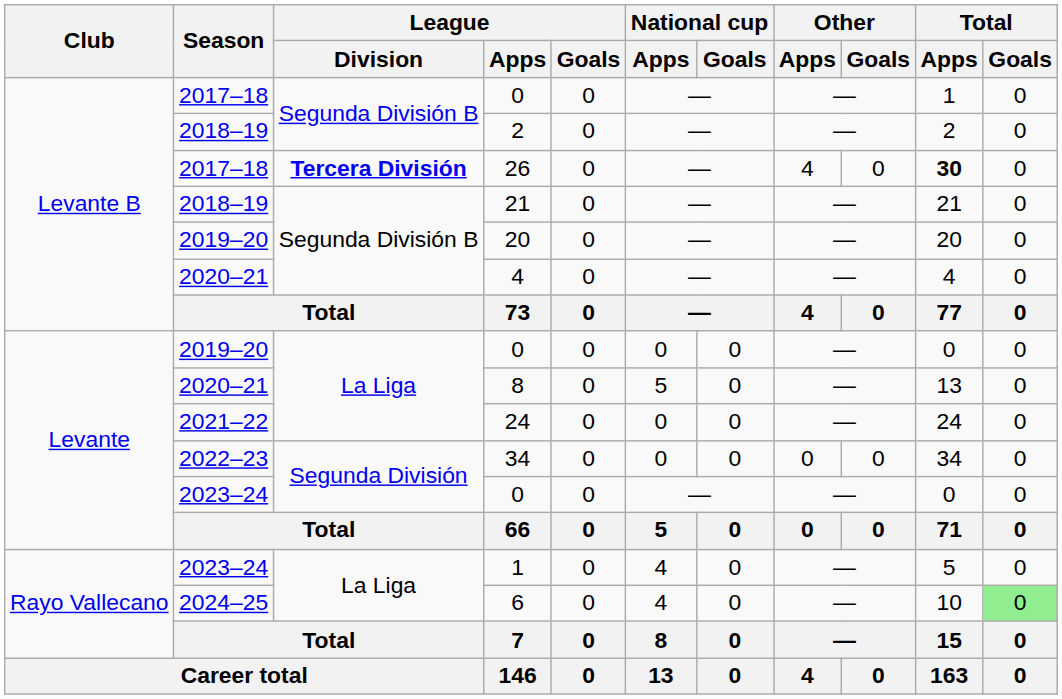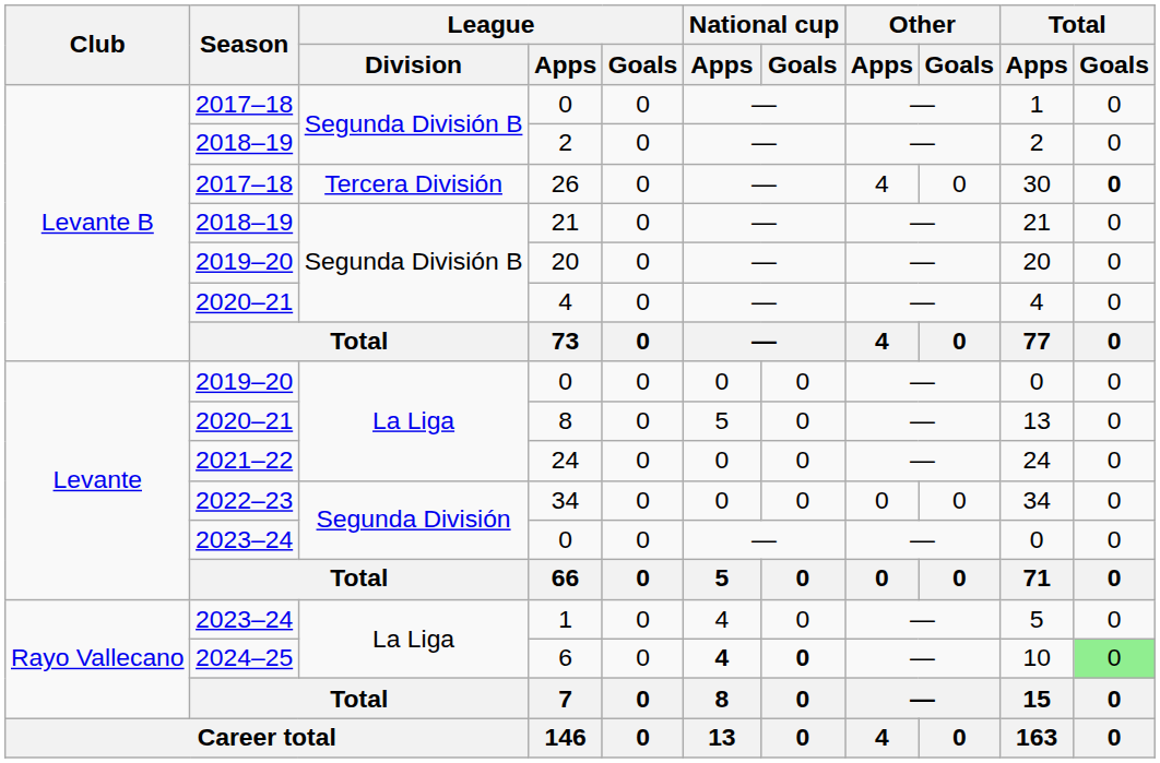 <table class="wikitable" style="text-align: center;">
 <tr>
 <th rowspan="2">Club</th>
 <th rowspan="2">Season</th>
 <th colspan="3">League</th>
 <th colspan="2">National cup</th>
 <th colspan="2">Other</th>
 <th colspan="2">Total</th>
 </tr>
 <tr>
 <th>Division</th>
 <th>Apps</th>
 <th>Goals</th>
 <th>Apps</th>
 <th>Goals</th>
 <th>Apps</th>
 <th>Goals</th>
 <th>Apps</th>
 <th>Goals</th>
 </tr>
 <tr>
 <td rowspan="7"><a href='#'>Levante B</a></td>
 <td><a href='#'>2017–18</a></td>
 <td rowspan="2"><a href='#'>Segunda División B</a></td>
 <td>0</td>
 <td>0</td>
 <td colspan="2">—</td>
 <td colspan="2">—</td>
 <td>1</td>
 <td>0</td>
 </tr>
 <tr>
 <td><a href='#'>2018–19</a></td>
 <td>2</td>
 <td>0</td>
 <td colspan="2">—</td>
 <td colspan="2">—</td>
 <td>2</td>
 <td>0</td>
 </tr>
 <tr>
 <td><a href='#'>2017–18</a></td>
-<td><strong><a href='#'>Tercera División</a></strong></td>
+<td><a href='#'>Tercera División</a></td>
 <td>26</td>
 <td>0</td>
 <td colspan="2">—</td>
 <td>4</td>
 <td>0</td>
-<td><strong>30</strong></td>
-<td>0</td>
+<td>30</td>
+<td><strong>0</strong></td>
 </tr>
 <tr>
 <td><a href='#'>2018–19</a></td>
 <td rowspan="3">Segunda División B</td>
 <td>21</td>
 <td>0</td>
 <td colspan="2">—</td>
 <td colspan="2">—</td>
 <td>21</td>
 <td>0</td>
 </tr>
 <tr>
 <td><a href='#'>2019–20</a></td>
 <td>20</td>
 <td>0</td>
 <td colspan="2">—</td>
 <td colspan="2">—</td>
 <td>20</td>
 <td>0</td>
 </tr>
 <tr>
 <td><a href='#'>2020–21</a></td>
 <td>4</td>
 <td>0</td>
 <td colspan="2">—</td>
 <td colspan="2">—</td>
 <td>4</td>
 <td>0</td>
 </tr>
 <tr>
 <th colspan="2">Total</th>
 <th>73</th>
 <th>0</th>
 <th colspan="2">—</th>
 <th>4</th>
 <th>0</th>
 <th>77</th>
 <th>0</th>
 </tr>
 <tr>
 <td rowspan="6"><a href='#'>Levante</a></td>
 <td><a href='#'>2019–20</a></td>
 <td rowspan="3"><a href='#'>La Liga</a></td>
 <td>0</td>
 <td>0</td>
 <td>0</td>
 <td>0</td>
 <td colspan="2">—</td>
 <td>0</td>
 <td>0</td>
 </tr>
 <tr>
 <td><a href='#'>2020–21</a></td>
 <td>8</td>
 <td>0</td>
 <td>5</td>
 <td>0</td>
 <td colspan="2">—</td>
 <td>13</td>
 <td>0</td>
 </tr>
 <tr>
 <td><a href='#'>2021–22</a></td>
 <td>24</td>
 <td>0</td>
 <td>0</td>
 <td>0</td>
 <td colspan="2">—</td>
 <td>24</td>
 <td>0</td>
 </tr>
 <tr>
 <td><a href='#'>2022–23</a></td>
 <td rowspan="2"><a href='#'>Segunda División</a></td>
 <td>34</td>
 <td>0</td>
 <td>0</td>
 <td>0</td>
 <td>0</td>
 <td>0</td>
 <td>34</td>
 <td>0</td>
 </tr>
 <tr>
 <td><a href='#'>2023–24</a></td>
 <td>0</td>
 <td>0</td>
 <td colspan="2">—</td>
 <td colspan="2">—</td>
 <td>0</td>
 <td>0</td>
 </tr>
 <tr>
 <th colspan="2">Total</th>
 <th>66</th>
 <th>0</th>
 <th>5</th>
 <th>0</th>
 <th>0</th>
 <th>0</th>
 <th>71</th>
 <th>0</th>
 </tr>
 <tr>
 <td rowspan="3"><a href='#'>Rayo Vallecano</a></td>
 <td><a href='#'>2023–24</a></td>
 <td rowspan="2">La Liga</td>
 <td>1</td>
 <td>0</td>
 <td>4</td>
 <td>0</td>
 <td colspan="2">—</td>
 <td>5</td>
 <td>0</td>
 </tr>
 <tr>
 <td><a href='#'>2024–25</a></td>
 <td>6</td>
 <td>0</td>
-<td>4</td>
-<td>0</td>
+<td><strong>4</strong></td>
+<td><strong>0</strong></td>
 <td colspan="2">—</td>
 <td>10</td>
 <td style="background: lightgreen;">0</td>
 </tr>
 <tr>
 <th colspan="2">Total</th>
 <th>7</th>
 <th>0</th>
 <th>8</th>
 <th>0</th>
 <th colspan="2">—</th>
 <th>15</th>
 <th>0</th>
 </tr>
 <tr>
 <th colspan="3">Career total</th>
 <th>146</th>
 <th>0</th>
 <th>13</th>
 <th>0</th>
 <th>4</th>
 <th>0</th>
 <th>163</th>
 <th>0</th>
 </tr>
 </table>
